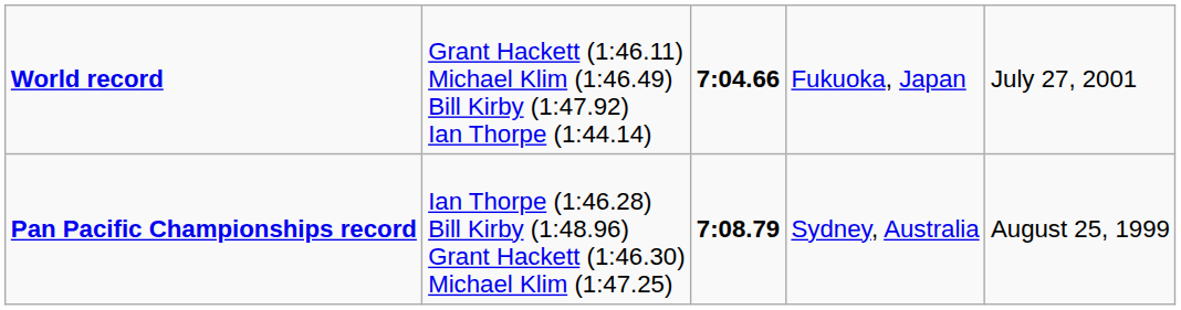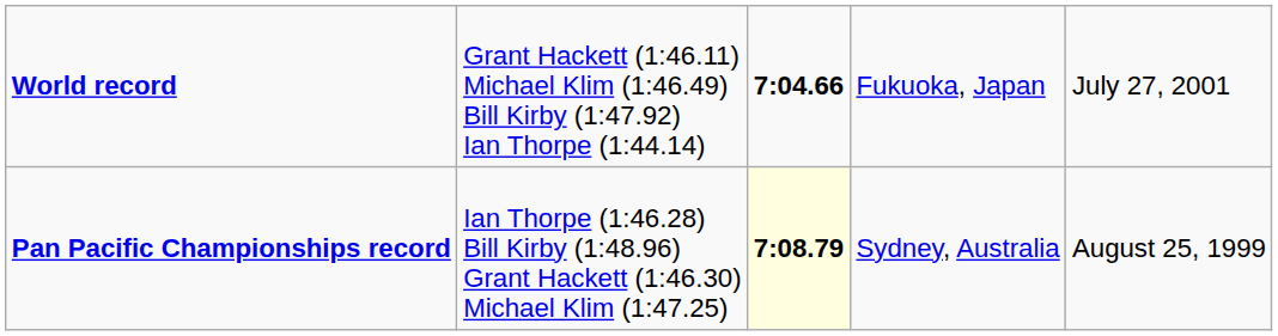 <table class="wikitable">
 <tr>
 <td><strong><a href='#'>World record</a></strong></td>
 <td><br><a href='#'>Grant Hackett</a> (1:46.11)<br><a href='#'>Michael Klim</a> (1:46.49)<br><a href='#'>Bill Kirby</a> (1:47.92)<br><a href='#'>Ian Thorpe</a> (1:44.14)</td>
 <td><strong>7:04.66</strong></td>
 <td><a href='#'>Fukuoka</a>, <a href='#'>Japan</a></td>
 <td>July 27, 2001</td>
 </tr>
 <tr>
 <td><strong><a href='#'>Pan Pacific Championships record</a></strong></td>
 <td><br><a href='#'>Ian Thorpe</a> (1:46.28)<br><a href='#'>Bill Kirby</a> (1:48.96)<br><a href='#'>Grant Hackett</a> (1:46.30)<br><a href='#'>Michael Klim</a> (1:47.25)</td>
-<td><strong>7:08.79</strong></td>
+<td style="background: lightyellow;"><strong>7:08.79</strong></td>
 <td><a href='#'>Sydney</a>, <a href='#'>Australia</a></td>
 <td>August 25, 1999</td>
 </tr>
 </table>
